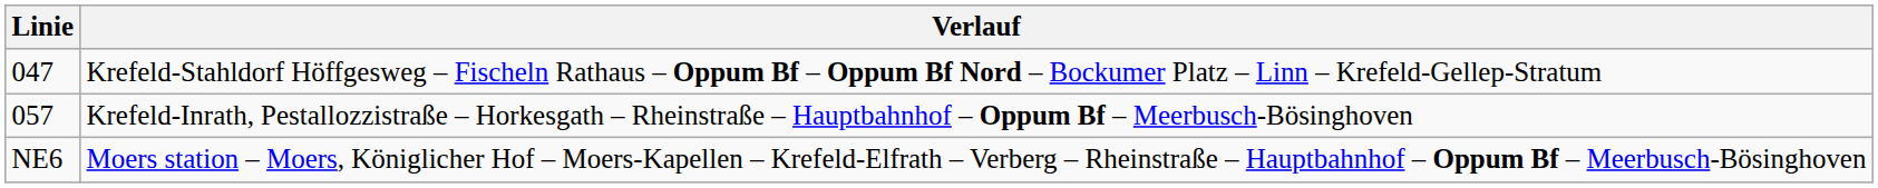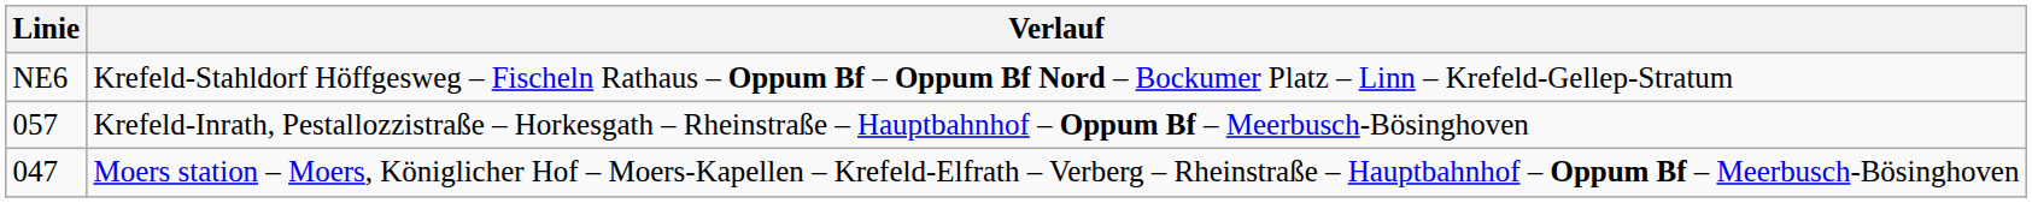 <table class="wikitable">
 <tr class="hintergrundfarbe6">
 <th>Linie</th>
 <th>Verlauf</th>
 </tr>
 <tr>
-<td>047</td>
+<td>NE6</td>
 <td>Krefeld-Stahldorf Höffgesweg – <a href='#'>Fischeln</a> Rathaus – <strong>Oppum Bf</strong> – <strong>Oppum Bf Nord</strong> – <a href='#'>Bockumer</a> Platz – <a href='#'>Linn</a> – Krefeld-Gellep-Stratum</td>
 </tr>
 <tr>
 <td>057</td>
 <td>Krefeld-Inrath, Pestallozzistraße – Horkesgath – Rheinstraße – <a href='#'>Hauptbahnhof</a> – <strong>Oppum Bf</strong> – <a href='#'>Meerbusch</a>-Bösinghoven</td>
 </tr>
 <tr>
-<td>NE6</td>
+<td>047</td>
 <td><a href='#'>Moers station</a> – <a href='#'>Moers</a>, Königlicher Hof – Moers-Kapellen – Krefeld-Elfrath – Verberg – Rheinstraße – <a href='#'>Hauptbahnhof</a> – <strong>Oppum Bf</strong> – <a href='#'>Meerbusch</a>-Bösinghoven</td>
 </tr>
 </table>
